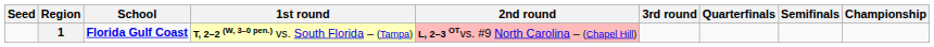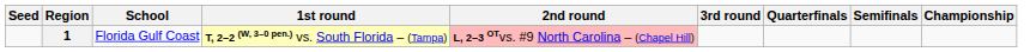 <table class="sortable wikitable" style="white-space:nowrap; font-size:90%;">
 <tr>
 <th>Seed</th>
 <th>Region</th>
 <th>School</th>
 <th>1st round</th>
 <th>2nd round</th>
 <th>3rd round</th>
 <th>Quarterfinals</th>
 <th>Semifinals</th>
 <th>Championship</th>
 </tr>
 <tr>
 <td></td>
 <th>1</th>
-<td><strong><a href='#'>Florida Gulf Coast</a></strong></td>
+<td><a href='#'>Florida Gulf Coast</a></td>
 <td style="background:#FFB;"><small><strong>T, 2–2 <sup>(W, 3–0 pen.)</sup></strong></small> vs. <a href='#'>South Florida</a> – <small>(<a href='#'>Tampa</a>)</small></td>
 <td style="background:#FBB;"><small><strong>L, 2–3 <sup>OT</sup></strong></small>vs. #9 <a href='#'>North Carolina</a> – <small>(<a href='#'>Chapel Hill</a>)</small></td>
 <td></td>
 <td></td>
 <td></td>
 </tr>
 </table>
